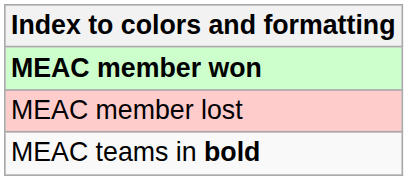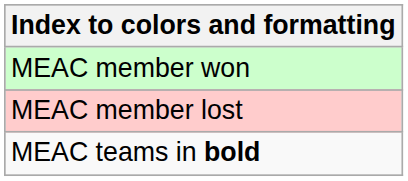 <table class="wikitable">
 <tr>
 <th>Index to colors and formatting</th>
 </tr>
 <tr bgcolor= #ccffcc>
-<td><strong>MEAC member won</strong></td>
+<td>MEAC member won</td>
 </tr>
 <tr bgcolor=#ffcccc>
 <td>MEAC member lost</td>
 </tr>
 <tr>
 <td>MEAC teams in <strong>bold</strong></td>
 </tr>
 </table>
